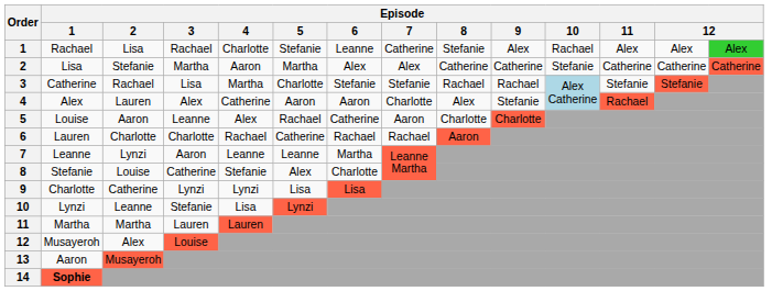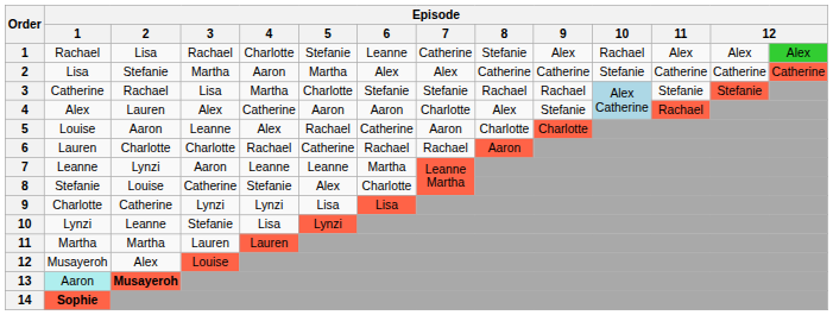 <table class="wikitable" style="text-align:center; font-size:92%">
 <tr>
 <th rowspan=2>Order</th>
 <th colspan="13">Episode</th>
 </tr>
 <tr>
 <th>1</th>
 <th>2</th>
 <th>3</th>
 <th>4</th>
 <th>5</th>
 <th>6</th>
 <th>7</th>
 <th>8</th>
 <th>9</th>
 <th>10</th>
 <th>11</th>
 <th colspan="2">12</th>
 </tr>
 <tr>
 <th>1</th>
 <td>Rachael</td>
 <td>Lisa</td>
 <td>Rachael</td>
 <td>Charlotte</td>
 <td>Stefanie</td>
 <td>Leanne</td>
 <td>Catherine</td>
 <td>Stefanie</td>
 <td>Alex</td>
 <td>Rachael</td>
 <td>Alex</td>
 <td>Alex</td>
 <td bgcolor="limegreen">Alex</td>
 </tr>
 <tr>
 <th>2</th>
 <td>Lisa</td>
 <td>Stefanie</td>
 <td>Martha</td>
 <td>Aaron</td>
 <td>Martha</td>
 <td>Alex</td>
 <td>Alex</td>
 <td>Catherine</td>
 <td>Catherine</td>
 <td>Stefanie</td>
 <td>Catherine</td>
 <td>Catherine</td>
 <td bgcolor="tomato">Catherine</td>
 </tr>
 <tr>
 <th>3</th>
 <td>Catherine</td>
 <td>Rachael</td>
 <td>Lisa</td>
 <td>Martha</td>
 <td>Charlotte</td>
 <td>Stefanie</td>
 <td>Stefanie</td>
 <td>Rachael</td>
 <td>Rachael</td>
 <td rowspan="2" bgcolor="lightblue">Alex<br>Catherine</td>
 <td>Stefanie</td>
 <td bgcolor="tomato">Stefanie</td>
 <td colspan="1" bgcolor="darkgray"></td>
 </tr>
 <tr>
 <th>4</th>
 <td>Alex</td>
 <td>Lauren</td>
 <td>Alex</td>
 <td>Catherine</td>
 <td>Aaron</td>
 <td>Aaron</td>
 <td>Charlotte</td>
 <td>Alex</td>
 <td>Stefanie</td>
 <td bgcolor="tomato">Rachael</td>
 <td colspan="2" bgcolor="darkgray"></td>
 </tr>
 <tr>
 <th>5</th>
 <td>Louise</td>
 <td>Aaron</td>
 <td>Leanne</td>
 <td>Alex</td>
 <td>Rachael</td>
 <td>Catherine</td>
 <td>Aaron</td>
 <td>Charlotte</td>
 <td bgcolor="tomato">Charlotte</td>
 <td colspan="4" bgcolor="darkgray"></td>
 </tr>
 <tr>
 <th>6</th>
 <td>Lauren</td>
 <td>Charlotte</td>
 <td>Charlotte</td>
 <td>Rachael</td>
 <td>Catherine</td>
 <td>Rachael</td>
 <td>Rachael</td>
 <td bgcolor="tomato">Aaron</td>
 <td colspan="5" bgcolor="darkgray"></td>
 </tr>
 <tr>
 <th>7</th>
 <td>Leanne</td>
 <td>Lynzi</td>
 <td>Aaron</td>
 <td>Leanne</td>
 <td>Leanne</td>
 <td>Martha</td>
 <td rowspan="2" bgcolor="tomato">Leanne<br>Martha</td>
 <td colspan="6" bgcolor="darkgray"></td>
 </tr>
 <tr>
 <th>8</th>
 <td>Stefanie</td>
 <td>Louise</td>
 <td>Catherine</td>
 <td>Stefanie</td>
 <td>Alex</td>
 <td>Charlotte</td>
 <td colspan="7" bgcolor="darkgray"></td>
 </tr>
 <tr>
 <th>9</th>
 <td>Charlotte</td>
 <td>Catherine</td>
 <td>Lynzi</td>
 <td>Lynzi</td>
 <td>Lisa</td>
 <td bgcolor="tomato">Lisa</td>
 <td colspan="8" bgcolor="darkgray"></td>
 </tr>
 <tr>
 <th>10</th>
 <td>Lynzi</td>
 <td>Leanne</td>
 <td>Stefanie</td>
 <td>Lisa</td>
 <td bgcolor="tomato">Lynzi</td>
 <td colspan="9" bgcolor="darkgray"></td>
 </tr>
 <tr>
 <th>11</th>
 <td>Martha</td>
 <td>Martha</td>
 <td>Lauren</td>
 <td bgcolor="tomato">Lauren</td>
 <td colspan="10" bgcolor="darkgray"></td>
 </tr>
 <tr>
 <th>12</th>
 <td>Musayeroh</td>
 <td>Alex</td>
 <td bgcolor="tomato">Louise</td>
 <td colspan="11" bgcolor="darkgray"></td>
 </tr>
 <tr>
 <th>13</th>
-<td>Aaron</td>
-<td bgcolor="tomato">Musayeroh</td>
+<td style="background: paleturquoise;">Aaron</td>
+<td bgcolor="tomato"><strong>Musayeroh</strong></td>
 <td colspan="12" bgcolor="darkgray"></td>
 </tr>
 <tr>
 <th>14</th>
 <td bgcolor="tomato"><strong>Sophie</strong></td>
 <td colspan="13" bgcolor="darkgray"></td>
 </tr>
 </table>
